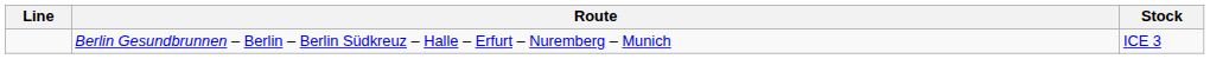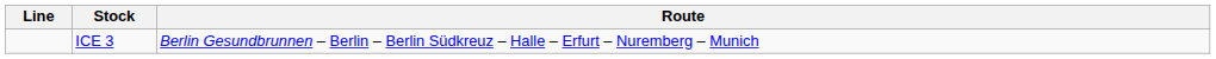 <table class="wikitable" width="100%">
 <tr>
 <th>Line</th>
+<th>Stock</th>
 <th>Route</th>
-<th>Stock</th>
 </tr>
 <tr>
 <td></td>
+<td><a href='#'>ICE 3</a></td>
 <td><em><a href='#'>Berlin Gesundbrunnen</a></em> – <a href='#'>Berlin</a> – <a href='#'>Berlin Südkreuz</a> – <a href='#'>Halle</a> – <a href='#'>Erfurt</a> – <a href='#'>Nuremberg</a> – <a href='#'>Munich</a></td>
-<td><a href='#'>ICE 3</a></td>
 </tr>
 </table>
